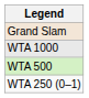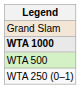 <table class="wikitable" style="font-size:90%">
 <tr>
 <th>Legend</th>
 </tr>
 <tr>
 <td bgcolor=f3e6d7>Grand Slam</td>
 </tr>
 <tr>
-<td bgcolor=e9e9e9>WTA 1000</td>
+<td bgcolor=e9e9e9><strong>WTA 1000</strong></td>
 </tr>
 <tr>
 <td bgcolor=d4f1c5>WTA 500</td>
 </tr>
 <tr>
 <td>WTA 250 (0–1)</td>
 </tr>
 </table>
